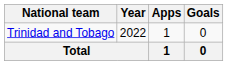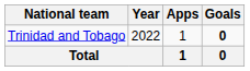 <table class=wikitable style=text-align:center>
 <tr>
 <th>National team</th>
 <th>Year</th>
 <th>Apps</th>
 <th>Goals</th>
 </tr>
 <tr>
 <td rowspan="1"><a href='#'>Trinidad and Tobago</a></td>
 <td>2022</td>
 <td>1</td>
-<td>0</td>
+<td><strong>0</strong></td>
 </tr>
 <tr>
 <th colspan="2">Total</th>
 <th>1</th>
 <th>0</th>
 </tr>
 </table>
